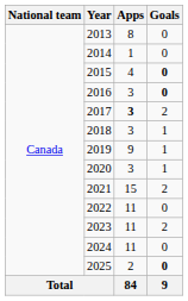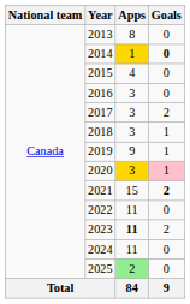 <table class="wikitable" style="text-align:center">
 <tr>
 <th>National team</th>
 <th>Year</th>
 <th>Apps</th>
 <th>Goals</th>
 </tr>
 <tr>
 <td rowspan="13"><a href='#'>Canada</a></td>
 <td>2013</td>
 <td>8</td>
 <td>0</td>
 </tr>
 <tr>
 <td>2014</td>
-<td>1</td>
-<td>0</td>
+<td style="background: gold;">1</td>
+<td><strong>0</strong></td>
 </tr>
 <tr>
 <td>2015</td>
 <td>4</td>
-<td><strong>0</strong></td>
+<td>0</td>
 </tr>
 <tr>
 <td>2016</td>
 <td>3</td>
-<td><strong>0</strong></td>
+<td>0</td>
 </tr>
 <tr>
 <td>2017</td>
-<td><strong>3</strong></td>
+<td>3</td>
 <td>2</td>
 </tr>
 <tr>
 <td>2018</td>
 <td>3</td>
 <td>1</td>
 </tr>
 <tr>
 <td>2019</td>
 <td>9</td>
 <td>1</td>
 </tr>
 <tr>
 <td>2020</td>
-<td>3</td>
-<td>1</td>
+<td style="background: gold;">3</td>
+<td style="background: pink;">1</td>
 </tr>
 <tr>
 <td>2021</td>
 <td>15</td>
-<td>2</td>
+<td><strong>2</strong></td>
 </tr>
 <tr>
 <td>2022</td>
 <td>11</td>
 <td>0</td>
 </tr>
 <tr>
 <td>2023</td>
-<td>11</td>
+<td><strong>11</strong></td>
 <td>2</td>
 </tr>
 <tr>
 <td>2024</td>
 <td>11</td>
 <td>0</td>
 </tr>
 <tr>
 <td>2025</td>
-<td>2</td>
-<td><strong>0</strong></td>
+<td style="background: lightgreen;">2</td>
+<td>0</td>
 </tr>
 <tr>
 <th colspan="2">Total</th>
 <th>84</th>
 <th>9</th>
 </tr>
 </table>
